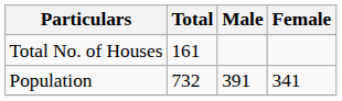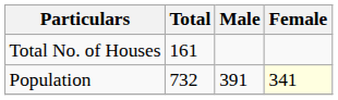 <table class="wikitable sortable">
 <tr>
 <th>Particulars</th>
 <th>Total</th>
 <th>Male</th>
 <th>Female</th>
 </tr>
 <tr>
 <td>Total No. of Houses</td>
 <td>161</td>
 <td></td>
 <td></td>
 </tr>
 <tr>
 <td>Population</td>
 <td>732</td>
 <td>391</td>
-<td>341</td>
+<td style="background: lightyellow;">341</td>
 </tr>
 <tr>
 </tr>
 </table>
